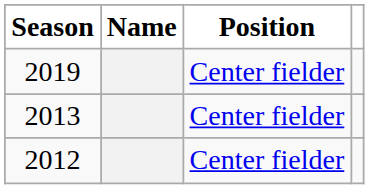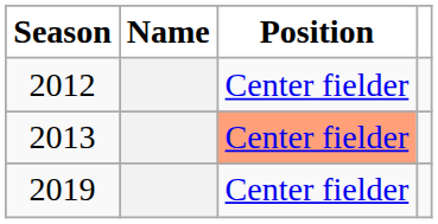 <table class="wikitable sortable plainrowheaders" style="text-align:center">
 <tr>
 <th scope="col" style="background-color:#ffffff; border-top:#">Season</th>
 <th scope="col" style="background-color:#ffffff; border-top:#">Name</th>
 <th scope="col" style="background-color:#ffffff; border-top:#">Position</th>
 <th scope="col" class="unsortable" style="background-color:#ffffff; border-top:#"></th>
 </tr>
 <tr>
-<td>2019</td>
-<th scope="row" style="text-align:center"></th>
+<td>2012</td>
+<th scope="row" style="text-align:center"> </th>
 <td><a href='#'>Center fielder</a></td>
 <td></td>
 </tr>
 <tr>
 <td>2013</td>
 <th scope="row" style="text-align:center"> </th>
-<td><a href='#'>Center fielder</a></td>
+<td style="background: lightsalmon;"><a href='#'>Center fielder</a></td>
 <td></td>
 </tr>
 <tr>
-<td>2012</td>
-<th scope="row" style="text-align:center"> </th>
+<td>2019</td>
+<th scope="row" style="text-align:center"></th>
 <td><a href='#'>Center fielder</a></td>
 <td></td>
 </tr>
 </table>
